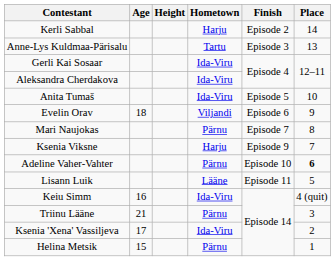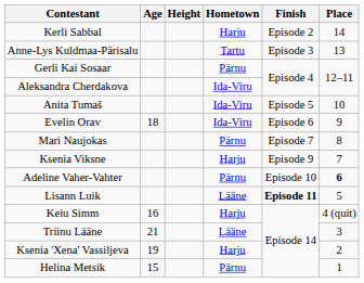 <table class="wikitable sortable" style="text-align:center;">
 <tr>
 <th>Contestant</th>
 <th>Age</th>
 <th>Height</th>
 <th>Hometown</th>
 <th>Finish</th>
 <th>Place</th>
 </tr>
 <tr>
 <td>Kerli Sabbal</td>
 <td></td>
 <td></td>
 <td><a href='#'>Harju</a></td>
 <td>Episode 2</td>
 <td>14</td>
 </tr>
 <tr>
 <td>Anne-Lys Kuldmaa-Pärisalu</td>
 <td></td>
 <td></td>
 <td><a href='#'>Tartu</a></td>
 <td>Episode 3</td>
 <td>13</td>
 </tr>
 <tr>
 <td>Gerli Kai Sosaar</td>
 <td></td>
 <td></td>
-<td><a href='#'>Ida-Viru</a></td>
+<td><a href='#'>Pärnu</a></td>
 <td rowspan="2">Episode 4</td>
 <td rowspan="2">12–11</td>
 </tr>
 <tr>
 <td>Aleksandra Cherdakova</td>
 <td></td>
 <td></td>
 <td><a href='#'>Ida-Viru</a></td>
 </tr>
 <tr>
 <td>Anita Tumaš</td>
 <td></td>
 <td></td>
 <td><a href='#'>Ida-Viru</a></td>
 <td>Episode 5</td>
 <td>10</td>
 </tr>
 <tr>
 <td>Evelin Orav</td>
 <td>18</td>
 <td></td>
-<td><a href='#'>Viljandi</a></td>
+<td><a href='#'>Ida-Viru</a></td>
 <td>Episode 6</td>
 <td>9</td>
 </tr>
 <tr>
 <td>Mari Naujokas</td>
 <td></td>
 <td></td>
 <td><a href='#'>Pärnu</a></td>
 <td>Episode 7</td>
 <td>8</td>
 </tr>
 <tr>
 <td>Ksenia Viksne</td>
 <td></td>
 <td></td>
 <td><a href='#'>Harju</a></td>
 <td>Episode 9</td>
 <td>7</td>
 </tr>
 <tr>
 <td>Adeline Vaher-Vahter</td>
 <td></td>
 <td></td>
 <td><a href='#'>Pärnu</a></td>
 <td>Episode 10</td>
 <td><strong>6</strong></td>
 </tr>
 <tr>
 <td>Lisann Luik</td>
 <td></td>
 <td></td>
 <td><a href='#'>Lääne</a></td>
-<td>Episode 11</td>
+<td><strong>Episode 11</strong></td>
 <td>5</td>
 </tr>
 <tr>
 <td>Keiu Simm</td>
 <td>16</td>
 <td></td>
-<td><a href='#'>Ida-Viru</a></td>
+<td><a href='#'>Harju</a></td>
 <td rowspan="4">Episode 14</td>
 <td>4 (quit)</td>
 </tr>
 <tr>
 <td>Triinu Lääne</td>
 <td>21</td>
 <td></td>
-<td><a href='#'>Pärnu</a></td>
+<td><a href='#'>Lääne</a></td>
 <td>3</td>
 </tr>
 <tr>
 <td>Ksenia 'Xena' Vassiljeva</td>
-<td>17</td>
+<td>19</td>
 <td></td>
-<td><a href='#'>Ida-Viru</a></td>
+<td><a href='#'>Harju</a></td>
 <td>2</td>
 </tr>
 <tr>
 <td>Helina Metsik</td>
 <td>15</td>
 <td></td>
 <td><a href='#'>Pärnu</a></td>
 <td>1</td>
 </tr>
 </table>
